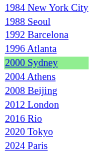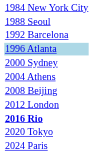 <table>
 <tr>
 <td><a href='#'>1984 New York City</a></td>
 <td></td>
 <td></td>
 <td></td>
 </tr>
 <tr>
 <td><a href='#'>1988 Seoul</a></td>
 <td></td>
 <td></td>
 <td></td>
 </tr>
 <tr>
 <td><a href='#'>1992 Barcelona</a></td>
 <td></td>
 <td></td>
 <td></td>
 </tr>
 <tr>
-<td><a href='#'>1996 Atlanta</a></td>
+<td style="background: lightblue;"><a href='#'>1996 Atlanta</a></td>
 <td></td>
 <td></td>
 <td></td>
 </tr>
 <tr>
-<td style="background: lightgreen;"><a href='#'>2000 Sydney</a></td>
+<td><a href='#'>2000 Sydney</a></td>
 <td></td>
 <td></td>
 <td></td>
 </tr>
 <tr>
 <td><a href='#'>2004 Athens</a></td>
 <td></td>
 <td></td>
 <td></td>
 </tr>
 <tr>
 <td><a href='#'>2008 Beijing</a></td>
 <td></td>
 <td></td>
 <td></td>
 </tr>
 <tr>
 <td><a href='#'>2012 London</a></td>
 <td></td>
 <td></td>
 <td></td>
 </tr>
 <tr>
-<td><a href='#'>2016 Rio</a></td>
+<td><strong><a href='#'>2016 Rio</a></strong></td>
 <td></td>
 <td></td>
 <td></td>
 </tr>
 <tr>
 <td><a href='#'>2020 Tokyo</a></td>
 <td></td>
 <td></td>
 <td></td>
 </tr>
 <tr>
 <td><a href='#'>2024 Paris</a></td>
 <td></td>
 <td></td>
 <td></td>
 </tr>
 </table>
